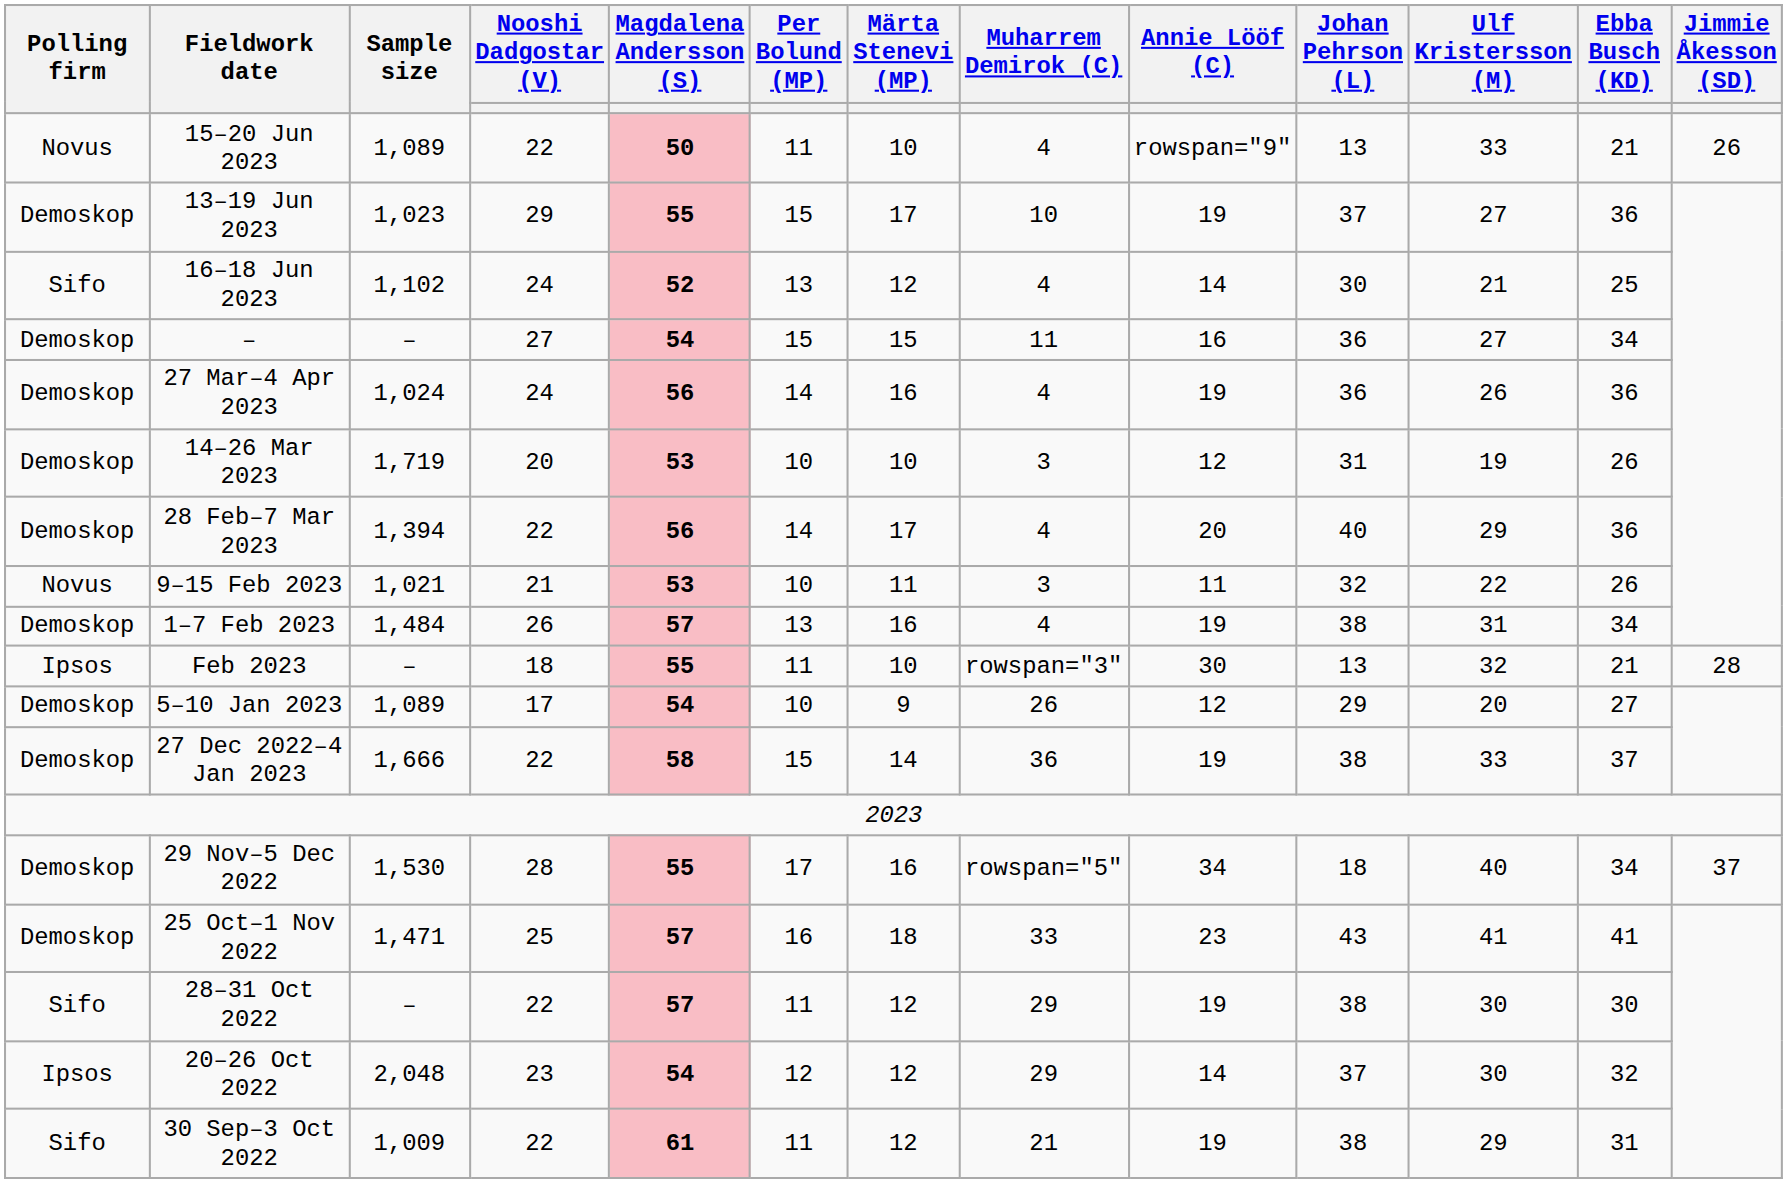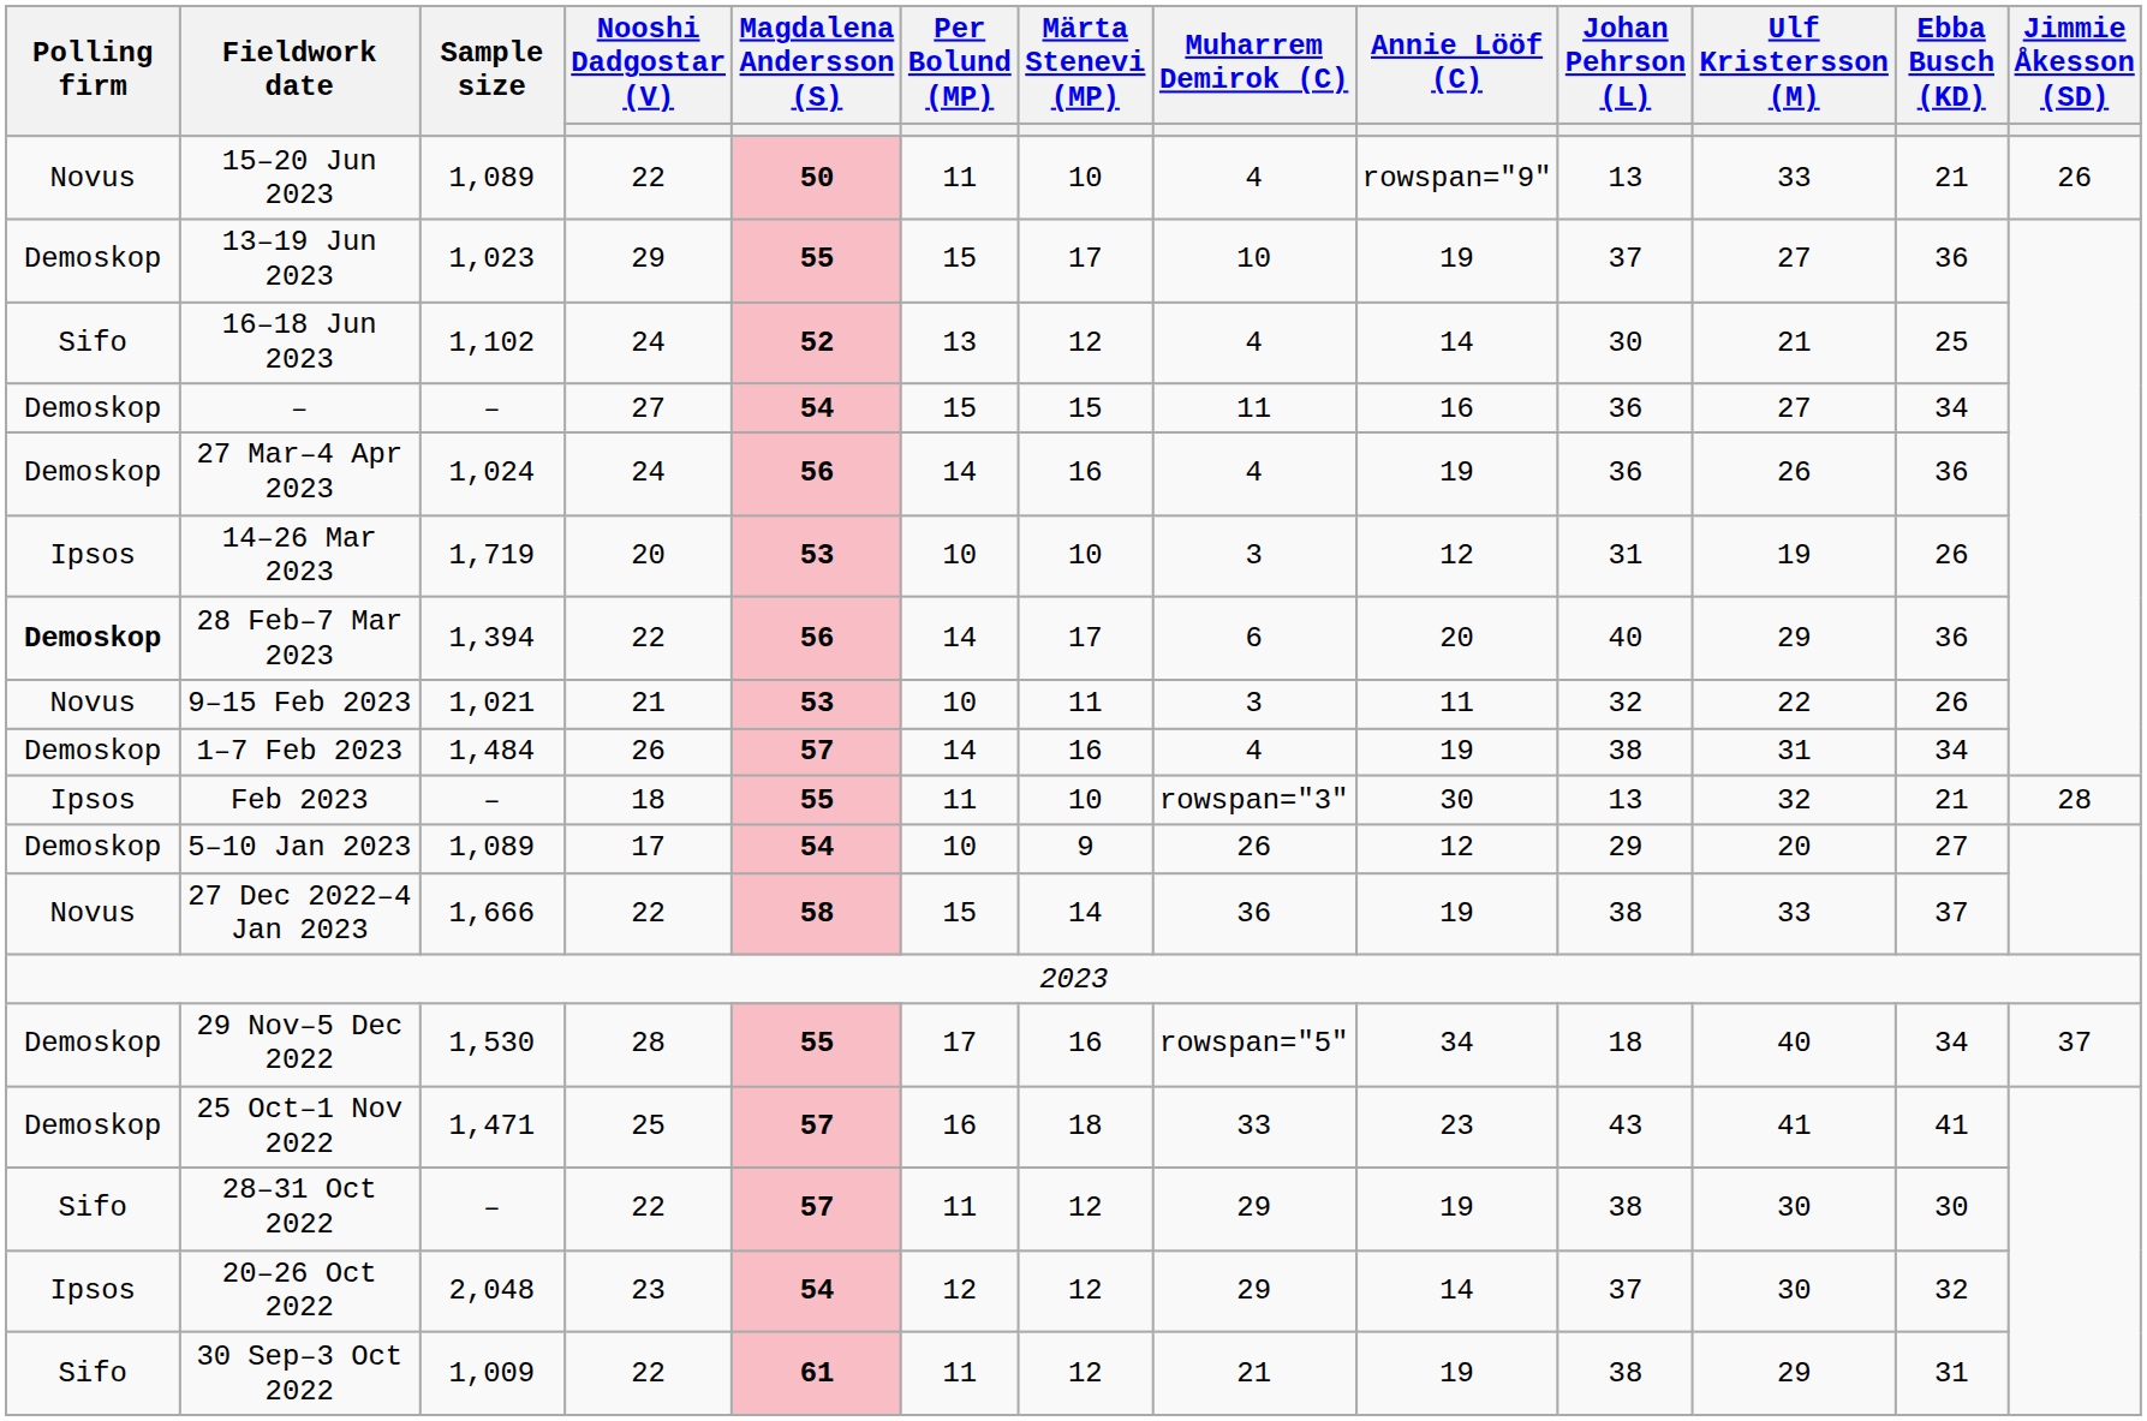 <table class="wikitable sortable" style="text-align:center;font-size:90%;line-height:14px;">
 <tr style="height:40px;">
 <th rowspan="2">Polling firm</th>
 <th rowspan="2">Fieldwork date</th>
 <th rowspan="2">Sample size</th>
 <th class="sortable" style="width:40px;"><a href='#'>Nooshi Dadgostar (V)</a></th>
 <th class="sortable" style="width:40px;"><a href='#'>Magdalena Andersson (S)</a></th>
 <th class="sortable" style="width:40px;"><a href='#'>Per Bolund (MP)</a></th>
 <th class="sortable" style="width:40px;"><a href='#'>Märta Stenevi (MP)</a></th>
 <th class="sortable" style="width:40px;"><a href='#'>Muharrem Demirok (C)</a></th>
 <th class="sortable" style="width:40px;"><a href='#'>Annie Lööf (C)</a></th>
 <th class="sortable" style="width:40px;"><a href='#'>Johan Pehrson (L)</a></th>
 <th class="sortable" style="width:40px;"><a href='#'>Ulf Kristersson (M)</a></th>
 <th class="sortable" style="width:40px;"><a href='#'>Ebba Busch (KD)</a></th>
 <th class="sortable" style="width:40px;"><a href='#'>Jimmie Åkesson (SD)</a></th>
 </tr>
 <tr>
 <th style="background:"></th>
 <th style="background:"></th>
 <th style="background:"></th>
 <th style="background:"></th>
 <th style="background:"></th>
 <th style="background:"></th>
 <th style="background:"></th>
 <th style="background:"></th>
 <th style="background:"></th>
 <th style="background:"></th>
 </tr>
 <tr>
 <td>Novus</td>
 <td>15–20 Jun 2023</td>
 <td>1,089</td>
 <td>22</td>
 <td style="background:#F9BDC5;"><strong>50</strong></td>
 <td>11</td>
 <td>10</td>
 <td>4</td>
 <td>rowspan="9" </td>
 <td>13</td>
 <td>33</td>
 <td>21</td>
 <td>26</td>
 </tr>
 <tr>
 <td>Demoskop</td>
 <td>13–19 Jun 2023</td>
 <td>1,023</td>
 <td>29</td>
 <td style="background:#F9BDC5;"><strong>55</strong></td>
 <td>15</td>
 <td>17</td>
 <td>10</td>
 <td>19</td>
 <td>37</td>
 <td>27</td>
 <td>36</td>
 </tr>
 <tr>
 <td>Sifo</td>
 <td>16–18 Jun 2023</td>
 <td>1,102</td>
 <td>24</td>
 <td style="background:#F9BDC5;"><strong>52</strong></td>
 <td>13</td>
 <td>12</td>
 <td>4</td>
 <td>14</td>
 <td>30</td>
 <td>21</td>
 <td>25</td>
 </tr>
 <tr>
 <td>Demoskop</td>
 <td>–</td>
 <td>–</td>
 <td>27</td>
 <td style="background:#F9BDC5;"><strong>54</strong></td>
 <td>15</td>
 <td>15</td>
 <td>11</td>
 <td>16</td>
 <td>36</td>
 <td>27</td>
 <td>34</td>
 </tr>
 <tr>
 <td>Demoskop</td>
 <td>27 Mar–4 Apr 2023</td>
 <td>1,024</td>
 <td>24</td>
 <td style="background:#F9BDC5;"><strong>56</strong></td>
 <td>14</td>
 <td>16</td>
 <td>4</td>
 <td>19</td>
 <td>36</td>
 <td>26</td>
 <td>36</td>
 </tr>
 <tr>
-<td>Demoskop</td>
+<td>Ipsos</td>
 <td>14–26 Mar 2023</td>
 <td>1,719</td>
 <td>20</td>
 <td style="background:#F9BDC5;"><strong>53</strong></td>
 <td>10</td>
 <td>10</td>
 <td>3</td>
 <td>12</td>
 <td>31</td>
 <td>19</td>
 <td>26</td>
 </tr>
 <tr>
-<td>Demoskop</td>
+<td><strong>Demoskop</strong></td>
 <td>28 Feb–7 Mar 2023</td>
 <td>1,394</td>
 <td>22</td>
 <td style="background:#F9BDC5;"><strong>56</strong></td>
 <td>14</td>
 <td>17</td>
-<td>4</td>
+<td>6</td>
 <td>20</td>
 <td>40</td>
 <td>29</td>
 <td>36</td>
 </tr>
 <tr>
 <td>Novus</td>
 <td>9–15 Feb 2023</td>
 <td>1,021</td>
 <td>21</td>
 <td style="background:#F9BDC5;"><strong>53</strong></td>
 <td>10</td>
 <td>11</td>
 <td>3</td>
 <td>11</td>
 <td>32</td>
 <td>22</td>
 <td>26</td>
 </tr>
 <tr>
 <td>Demoskop</td>
 <td>1–7 Feb 2023</td>
 <td>1,484</td>
 <td>26</td>
 <td style="background:#F9BDC5;"><strong>57</strong></td>
-<td>13</td>
+<td>14</td>
 <td>16</td>
 <td>4</td>
 <td>19</td>
 <td>38</td>
 <td>31</td>
 <td>34</td>
 </tr>
 <tr>
 <td>Ipsos</td>
 <td>Feb 2023</td>
 <td>–</td>
 <td>18</td>
 <td style="background:#F9BDC5;"><strong>55</strong></td>
 <td>11</td>
 <td>10</td>
 <td>rowspan="3" </td>
 <td>30</td>
 <td>13</td>
 <td>32</td>
 <td>21</td>
 <td>28</td>
 </tr>
 <tr>
 <td>Demoskop</td>
 <td>5–10 Jan 2023</td>
 <td>1,089</td>
 <td>17</td>
 <td style="background:#F9BDC5;"><strong>54</strong></td>
 <td>10</td>
 <td>9</td>
 <td>26</td>
 <td>12</td>
 <td>29</td>
 <td>20</td>
 <td>27</td>
 </tr>
 <tr>
-<td>Demoskop</td>
+<td>Novus</td>
 <td>27 Dec 2022–4 Jan 2023</td>
 <td>1,666</td>
 <td>22</td>
 <td style="background:#F9BDC5;"><strong>58</strong></td>
 <td>15</td>
 <td>14</td>
 <td>36</td>
 <td>19</td>
 <td>38</td>
 <td>33</td>
 <td>37</td>
 </tr>
 <tr>
 <td colspan="13"><em>2023</em></td>
 </tr>
 <tr>
 <td>Demoskop </td>
 <td>29 Nov–5 Dec 2022</td>
 <td>1,530</td>
 <td>28</td>
 <td style="background:#F9BDC5;"><strong>55</strong></td>
 <td>17</td>
 <td>16</td>
 <td>rowspan="5" </td>
 <td>34</td>
 <td>18</td>
 <td>40</td>
 <td>34</td>
 <td>37</td>
 </tr>
 <tr>
 <td>Demoskop </td>
 <td>25 Oct–1 Nov 2022</td>
 <td>1,471</td>
 <td>25</td>
 <td style="background:#F9BDC5;"><strong>57</strong></td>
 <td>16</td>
 <td>18</td>
 <td>33</td>
 <td>23</td>
 <td>43</td>
 <td>41</td>
 <td>41</td>
 </tr>
 <tr>
 <td>Sifo</td>
 <td>28–31 Oct 2022</td>
 <td>–</td>
 <td>22</td>
 <td style="background:#F9BDC5;"><strong>57</strong></td>
 <td>11</td>
 <td>12</td>
 <td>29</td>
 <td>19</td>
 <td>38</td>
 <td>30</td>
 <td>30</td>
 </tr>
 <tr>
 <td>Ipsos</td>
 <td>20–26 Oct 2022</td>
 <td>2,048</td>
 <td>23</td>
 <td style="background:#F9BDC5;"><strong>54</strong></td>
 <td>12</td>
 <td>12</td>
 <td>29</td>
 <td>14</td>
 <td>37</td>
 <td>30</td>
 <td>32</td>
 </tr>
 <tr>
 <td>Sifo</td>
 <td>30 Sep–3 Oct 2022</td>
 <td>1,009</td>
 <td>22</td>
 <td style="background:#F9BDC5;"><strong>61</strong></td>
 <td>11</td>
 <td>12</td>
 <td>21</td>
 <td>19</td>
 <td>38</td>
 <td>29</td>
 <td>31</td>
 </tr>
 </table>
